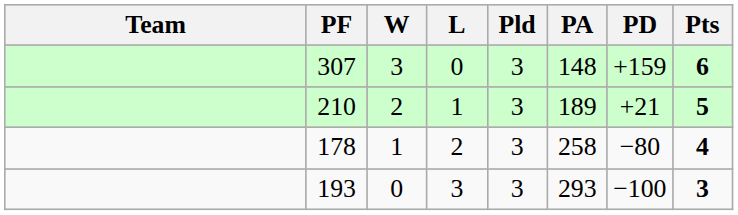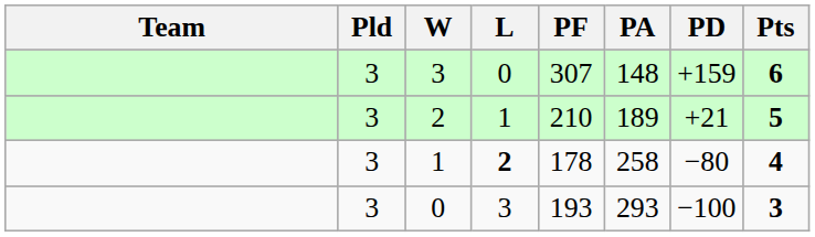 <table class=wikitable style="text-align:center">
 <tr>
 <th width=180>Team</th>
-<th width=30>PF</th>
+<th width=30>Pld</th>
 <th width=30>W</th>
 <th width=30>L</th>
-<th width=30>Pld</th>
+<th width=30>PF</th>
 <th width=30>PA</th>
 <th width=30>PD</th>
 <th width=30>Pts</th>
 </tr>
 <tr bgcolor="#ccffcc">
 <td align="left"></td>
-<td>307</td>
+<td>3</td>
 <td>3</td>
 <td>0</td>
-<td>3</td>
+<td>307</td>
 <td>148</td>
 <td>+159</td>
 <td><strong>6</strong></td>
 </tr>
 <tr bgcolor="#ccffcc">
 <td align="left"></td>
-<td>210</td>
+<td>3</td>
 <td>2</td>
 <td>1</td>
-<td>3</td>
+<td>210</td>
 <td>189</td>
 <td>+21</td>
 <td><strong>5</strong></td>
 </tr>
 <tr>
 <td align="left"></td>
+<td>3</td>
+<td>1</td>
+<td><strong>2</strong></td>
 <td>178</td>
-<td>1</td>
-<td>2</td>
-<td>3</td>
 <td>258</td>
 <td>−80</td>
 <td><strong>4</strong></td>
 </tr>
 <tr>
 <td align="left"></td>
-<td>193</td>
+<td>3</td>
 <td>0</td>
 <td>3</td>
-<td>3</td>
+<td>193</td>
 <td>293</td>
 <td>−100</td>
 <td><strong>3</strong></td>
 </tr>
 </table>
